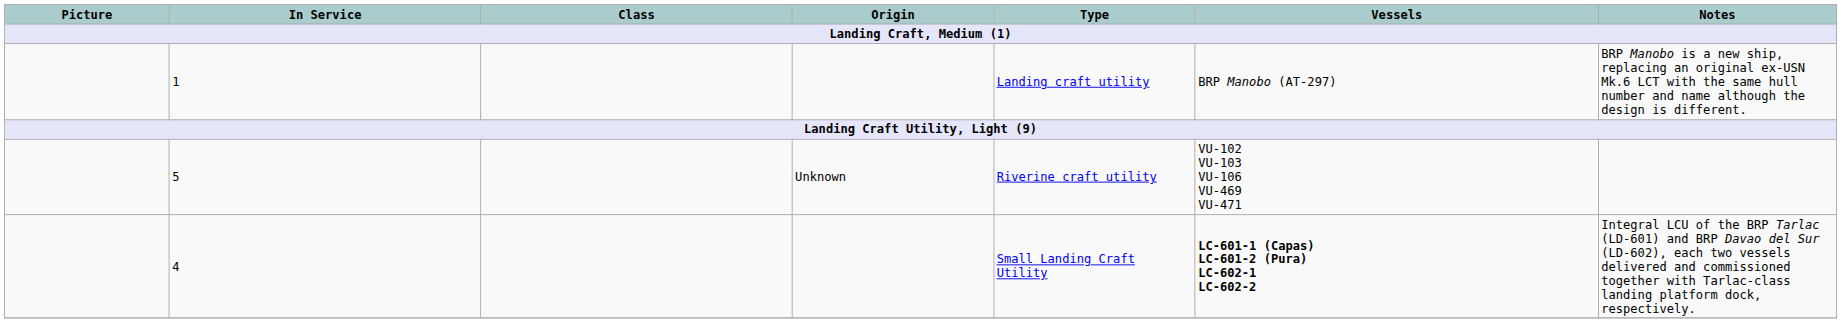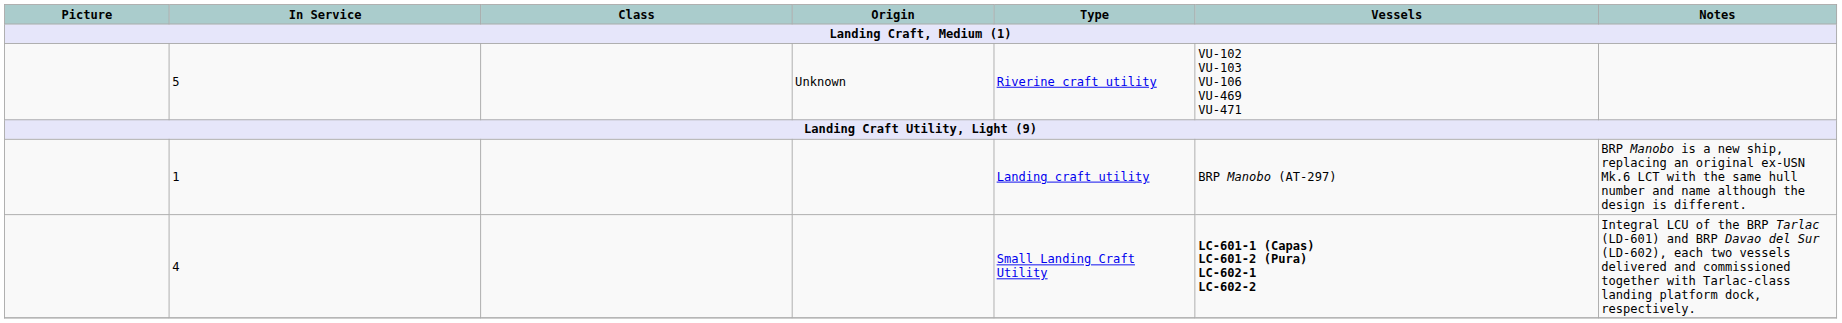 <table class="wikitable">
 <tr>
 <th style="text-align: center; background:#acc; width:9%;">Picture</th>
 <th style="text-align: center; background:#acc; width:17%;">In Service</th>
 <th style="text-align: center; background:#acc; width:17%;">Class</th>
 <th style="text-align: center; background:#acc; width:11%;">Origin</th>
 <th style="text-align: center; background:#acc; width:11%;">Type</th>
 <th style="text-align: center; background:#acc; width:22%;">Vessels</th>
 <th style="text-align: center; background:#acc; width:30%;">Notes</th>
 </tr>
 <tr>
 <th colspan="7" style="align: center; background: lavender;">Landing Craft, Medium (1)</th>
 </tr>
 <tr>
 <td></td>
+<td>5</td>
+<td></td>
+<td>Unknown</td>
+<td><a href='#'>Riverine craft utility</a></td>
+<td>VU-102<br>VU-103<br>VU-106<br>VU-469<br>VU-471</td>
+<td></td>
+</tr>
+<tr>
+<th colspan="7" style="align: center; background: lavender;">Landing Craft Utility, Light (9)</th>
+</tr>
+<tr>
+<td></td>
 <td>1</td>
 <td></td>
 <td></td>
 <td><a href='#'>Landing craft utility</a></td>
 <td>BRP <em>Manobo</em> (AT-297)</td>
 <td>BRP <em>Manobo</em> is a new ship, replacing an original ex-USN Mk.6 LCT with the same hull number and name although the design is different.</td>
-</tr>
-<tr>
-<th colspan="7" style="align: center; background: lavender;">Landing Craft Utility, Light (9)</th>
-</tr>
-<tr>
-<td></td>
-<td>5</td>
-<td></td>
-<td>Unknown</td>
-<td><a href='#'>Riverine craft utility</a></td>
-<td>VU-102<br>VU-103<br>VU-106<br>VU-469<br>VU-471</td>
-<td></td>
 </tr>
 <tr>
 <td></td>
 <td>4</td>
 <td></td>
 <td></td>
 <td><a href='#'>Small Landing Craft Utility</a></td>
 <td><strong>LC-601-1 (Capas)<br>LC-601-2 (Pura)<br>LC-602-1<br>LC-602-2</strong></td>
 <td>Integral LCU of the BRP <em>Tarlac</em> (LD-601) and BRP <em>Davao del Sur</em> (LD-602), each two vessels delivered and commissioned together with Tarlac-class landing platform dock, respectively.</td>
 </tr>
 <tr>
 </tr>
 </table>
